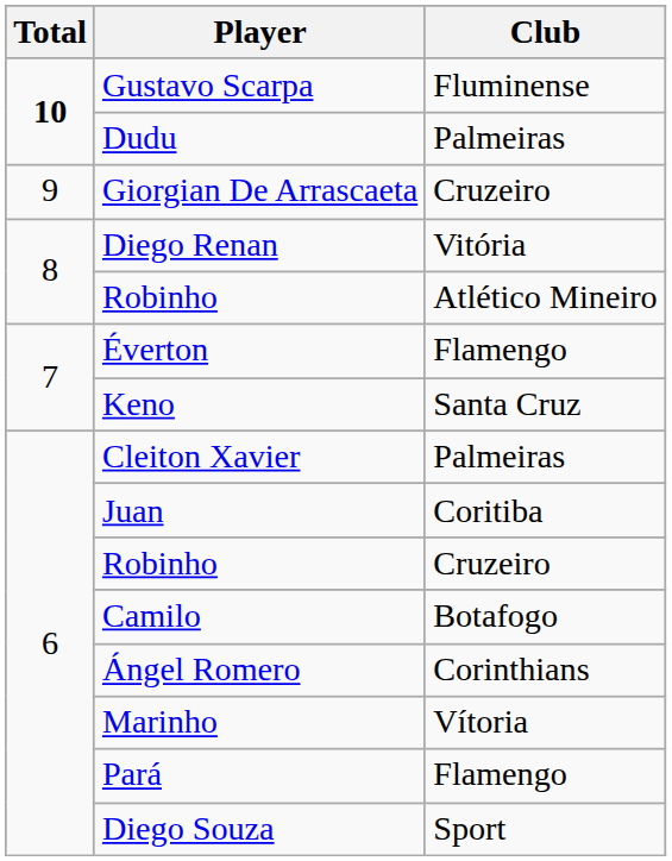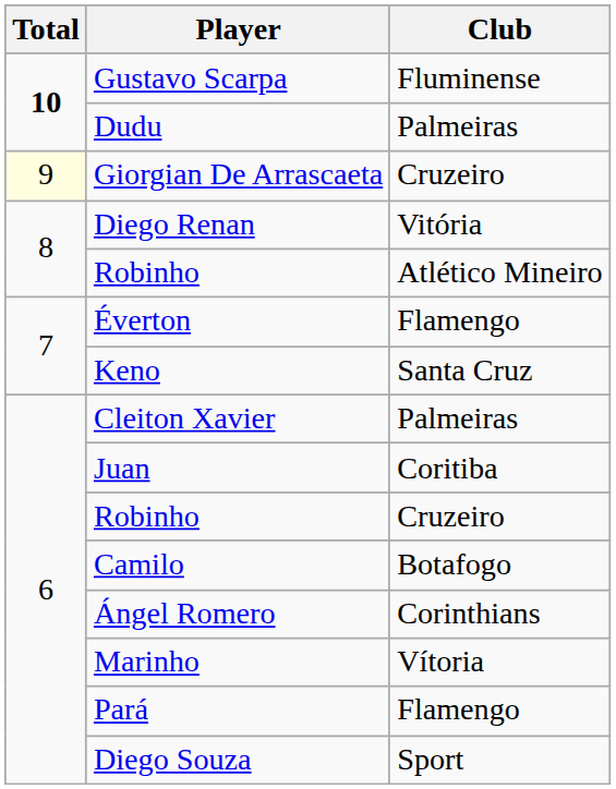 <table class="wikitable">
 <tr>
 <th>Total</th>
 <th>Player</th>
 <th>Club</th>
 </tr>
 <tr>
 <td rowspan="2" align=center valign="center"><strong>10</strong></td>
 <td> <a href='#'>Gustavo Scarpa</a></td>
 <td>Fluminense</td>
 </tr>
 <tr>
 <td> <a href='#'>Dudu</a></td>
 <td>Palmeiras</td>
 </tr>
 <tr>
-<td align=center valign="center">9</td>
+<td align=center valign="center" style="background: lightyellow;">9</td>
 <td> <a href='#'>Giorgian De Arrascaeta</a></td>
 <td>Cruzeiro</td>
 </tr>
 <tr>
 <td rowspan="2" align=center valign="center">8</td>
 <td> <a href='#'>Diego Renan</a></td>
 <td>Vitória</td>
 </tr>
 <tr>
 <td> <a href='#'>Robinho</a></td>
 <td>Atlético Mineiro</td>
 </tr>
 <tr>
 <td rowspan="2" align=center valign="center">7</td>
 <td> <a href='#'>Éverton</a></td>
 <td>Flamengo</td>
 </tr>
 <tr>
 <td> <a href='#'>Keno</a></td>
 <td>Santa Cruz</td>
 </tr>
 <tr>
 <td rowspan="8" align=center valign="center">6</td>
 <td> <a href='#'>Cleiton Xavier</a></td>
 <td>Palmeiras</td>
 </tr>
 <tr>
 <td> <a href='#'>Juan</a></td>
 <td>Coritiba</td>
 </tr>
 <tr>
 <td> <a href='#'>Robinho</a></td>
 <td>Cruzeiro</td>
 </tr>
 <tr>
 <td> <a href='#'>Camilo</a></td>
 <td>Botafogo</td>
 </tr>
 <tr>
 <td> <a href='#'>Ángel Romero</a></td>
 <td>Corinthians</td>
 </tr>
 <tr>
 <td> <a href='#'>Marinho</a></td>
 <td>Vítoria</td>
 </tr>
 <tr>
 <td> <a href='#'>Pará</a></td>
 <td>Flamengo</td>
 </tr>
 <tr>
 <td> <a href='#'>Diego Souza</a></td>
 <td>Sport</td>
 </tr>
 </table>
